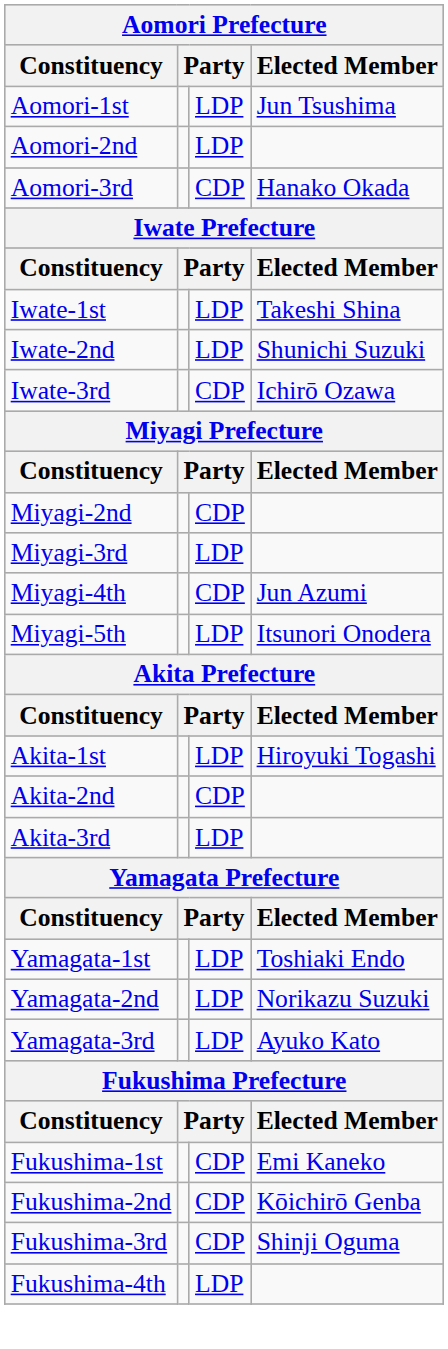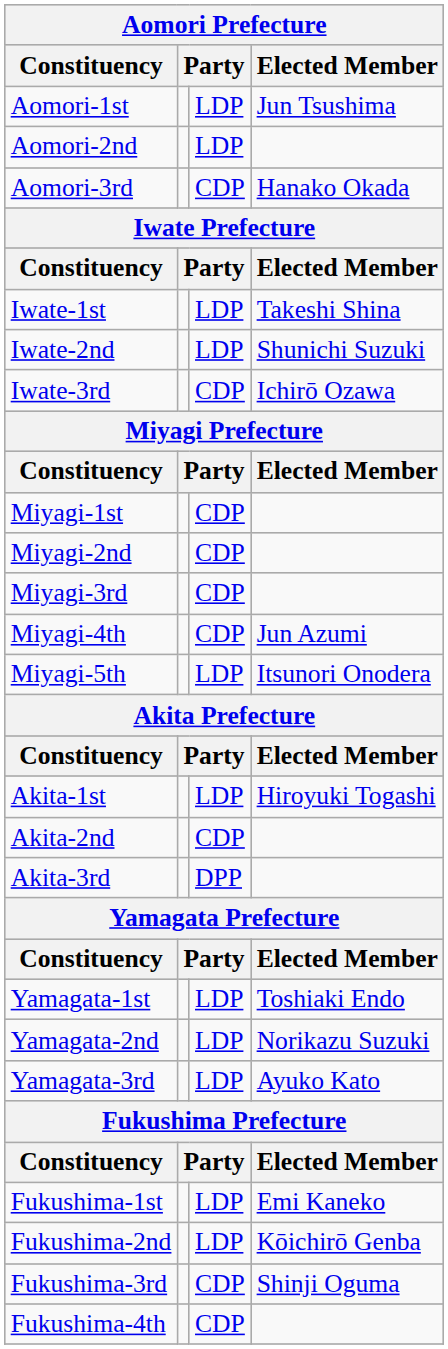 <table class="wikitable">
 <tr>
 <th colspan=4><a href='#'>Aomori Prefecture</a></th>
 </tr>
 <tr>
 <th>Constituency</th>
 <th colspan=2>Party</th>
 <th>Elected Member</th>
 </tr>
 <tr>
 <td><a href='#'>Aomori-1st</a></td>
 <td style="background:"></td>
 <td><a href='#'>LDP</a></td>
 <td><a href='#'>Jun Tsushima</a></td>
 </tr>
 <tr>
 <td><a href='#'>Aomori-2nd</a></td>
 <td style="background:"></td>
 <td><a href='#'>LDP</a></td>
 <td></td>
 </tr>
 <tr>
 <td><a href='#'>Aomori-3rd</a></td>
 <td style="background:"></td>
 <td><a href='#'>CDP</a></td>
 <td><a href='#'>Hanako Okada</a></td>
 </tr>
 <tr>
 <th colspan=4><a href='#'>Iwate Prefecture</a></th>
 </tr>
 <tr>
 <th>Constituency</th>
 <th colspan=2>Party</th>
 <th>Elected Member</th>
 </tr>
 <tr>
 <td><a href='#'>Iwate-1st</a></td>
 <td style="background:"></td>
 <td><a href='#'>LDP</a></td>
 <td><a href='#'>Takeshi Shina</a></td>
 </tr>
 <tr>
 <td><a href='#'>Iwate-2nd</a></td>
 <td style="background:"></td>
 <td><a href='#'>LDP</a></td>
 <td><a href='#'>Shunichi Suzuki</a></td>
 </tr>
 <tr>
 <td><a href='#'>Iwate-3rd</a></td>
 <td style="background:"></td>
 <td><a href='#'>CDP</a></td>
 <td><a href='#'>Ichirō Ozawa</a></td>
 </tr>
 <tr>
 <th colspan=4><a href='#'>Miyagi Prefecture</a></th>
 </tr>
 <tr>
 <th>Constituency</th>
 <th colspan=2>Party</th>
 <th>Elected Member</th>
 </tr>
 <tr>
+<td><a href='#'>Miyagi-1st</a></td>
+<td style="background:"></td>
+<td><a href='#'>CDP</a></td>
+<td></td>
+</tr>
+<tr>
 <td><a href='#'>Miyagi-2nd</a></td>
 <td style="background:"></td>
 <td><a href='#'>CDP</a></td>
 <td></td>
 </tr>
 <tr>
 <td><a href='#'>Miyagi-3rd</a></td>
 <td style="background:"></td>
-<td><a href='#'>LDP</a></td>
+<td><a href='#'>CDP</a></td>
 <td></td>
 </tr>
 <tr>
 <td><a href='#'>Miyagi-4th</a></td>
 <td style="background:"></td>
 <td><a href='#'>CDP</a></td>
 <td><a href='#'>Jun Azumi</a></td>
 </tr>
 <tr>
 <td><a href='#'>Miyagi-5th</a></td>
 <td style="background:"></td>
 <td><a href='#'>LDP</a></td>
 <td><a href='#'>Itsunori Onodera</a></td>
 </tr>
 <tr>
 <th colspan=4><a href='#'>Akita Prefecture</a></th>
 </tr>
 <tr>
 <th>Constituency</th>
 <th colspan=2>Party</th>
 <th>Elected Member</th>
 </tr>
 <tr>
 <td><a href='#'>Akita-1st</a></td>
 <td style="background:"></td>
 <td><a href='#'>LDP</a></td>
 <td><a href='#'>Hiroyuki Togashi</a></td>
 </tr>
 <tr>
 <td><a href='#'>Akita-2nd</a></td>
 <td style="background:"></td>
 <td><a href='#'>CDP</a></td>
 <td></td>
 </tr>
 <tr>
 <td><a href='#'>Akita-3rd</a></td>
 <td style="background:"></td>
-<td><a href='#'>LDP</a></td>
+<td><a href='#'>DPP</a></td>
 <td></td>
 </tr>
 <tr>
 <th colspan=4><a href='#'>Yamagata Prefecture</a></th>
 </tr>
 <tr>
 <th>Constituency</th>
 <th colspan=2>Party</th>
 <th>Elected Member</th>
 </tr>
 <tr>
 <td><a href='#'>Yamagata-1st</a></td>
 <td style="background:"></td>
 <td><a href='#'>LDP</a></td>
 <td><a href='#'>Toshiaki Endo</a></td>
 </tr>
 <tr>
 <td><a href='#'>Yamagata-2nd</a></td>
 <td style="background:"></td>
 <td><a href='#'>LDP</a></td>
 <td><a href='#'>Norikazu Suzuki</a></td>
 </tr>
 <tr>
 <td><a href='#'>Yamagata-3rd</a></td>
 <td style="background:"></td>
 <td><a href='#'>LDP</a></td>
 <td><a href='#'>Ayuko Kato</a></td>
 </tr>
 <tr>
 <th colspan=4><a href='#'>Fukushima Prefecture</a></th>
 </tr>
 <tr>
 <th>Constituency</th>
 <th colspan=2>Party</th>
 <th>Elected Member</th>
 </tr>
 <tr>
 <td><a href='#'>Fukushima-1st</a></td>
 <td style="background:"></td>
-<td><a href='#'>CDP</a></td>
+<td><a href='#'>LDP</a></td>
 <td><a href='#'>Emi Kaneko</a></td>
 </tr>
 <tr>
 <td><a href='#'>Fukushima-2nd</a></td>
 <td style="background:"></td>
-<td><a href='#'>CDP</a></td>
+<td><a href='#'>LDP</a></td>
 <td><a href='#'>Kōichirō Genba</a></td>
 </tr>
 <tr>
 <td><a href='#'>Fukushima-3rd</a></td>
 <td style="background:"></td>
 <td><a href='#'>CDP</a></td>
 <td><a href='#'>Shinji Oguma</a></td>
 </tr>
 <tr>
 <td><a href='#'>Fukushima-4th</a></td>
 <td style="background:"></td>
-<td><a href='#'>LDP</a></td>
+<td><a href='#'>CDP</a></td>
 <td></td>
 </tr>
 </table>
